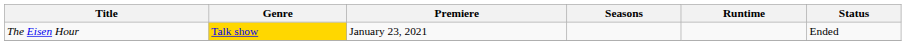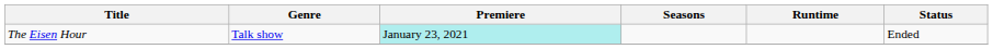 <table class="wikitable sortable" style="width:100%;">
 <tr>
 <th>Title</th>
 <th>Genre</th>
 <th>Premiere</th>
 <th>Seasons</th>
 <th>Runtime</th>
 <th>Status</th>
 </tr>
 <tr>
 <td><em>The <a href='#'>Eisen</a> Hour</em></td>
-<td style="background: gold;"><a href='#'>Talk show</a></td>
-<td>January 23, 2021</td>
+<td><a href='#'>Talk show</a></td>
+<td style="background: paleturquoise;">January 23, 2021</td>
 <td></td>
 <td></td>
 <td>Ended</td>
 </tr>
 <tr>
 </tr>
 </table>
